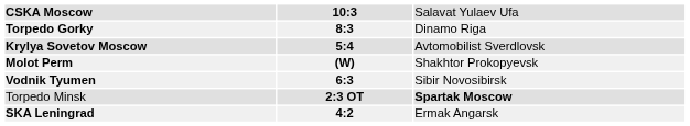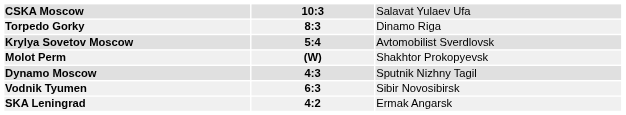 <table width="70%">
 <tr bgcolor="#e0e0e0">
 <td style="width:40%;"><strong>CSKA Moscow</strong></td>
 <th style="width:20%;"><strong>10:3</strong></th>
 <td style="width:40%;">Salavat Yulaev Ufa</td>
 </tr>
 <tr bgcolor="#f0f0f0">
 <td><strong>Torpedo Gorky</strong></td>
 <th><strong>8:3</strong></th>
 <td>Dinamo Riga</td>
 </tr>
 <tr bgcolor="#e0e0e0">
 <td><strong>Krylya Sovetov Moscow</strong></td>
 <th><strong>5:4</strong></th>
 <td>Avtomobilist Sverdlovsk</td>
 </tr>
 <tr bgcolor="#f0f0f0">
 <td><strong>Molot Perm</strong></td>
 <td align="center"><strong>(W)</strong></td>
 <td>Shakhtor Prokopyevsk</td>
 </tr>
+<tr bgcolor="#e0e0e0">
+<td><strong>Dynamo Moscow</strong></td>
+<th><strong>4:3</strong></th>
+<td>Sputnik Nizhny Tagil</td>
+</tr>
 <tr bgcolor="#f0f0f0">
 <td><strong>Vodnik Tyumen</strong></td>
 <td align="center"><strong>6:3</strong></td>
 <td>Sibir Novosibirsk</td>
-</tr>
-<tr bgcolor="#e0e0e0">
-<td>Torpedo Minsk</td>
-<th><strong>2:3 OT</strong></th>
-<td><strong>Spartak Moscow</strong></td>
 </tr>
 <tr bgcolor="#f0f0f0">
 <td><strong>SKA Leningrad</strong></td>
 <td align="center"><strong>4:2</strong></td>
 <td>Ermak Angarsk</td>
 </tr>
 </table>
